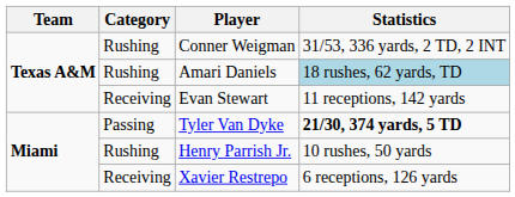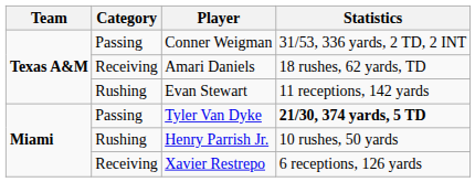 <table class="wikitable" style="float: right;">
 <tr>
 <th>Team</th>
 <th>Category</th>
 <th>Player</th>
 <th>Statistics</th>
 </tr>
 <tr>
 <td rowspan=3><strong>Texas A&M</strong></td>
-<td>Rushing</td>
+<td>Passing</td>
 <td>Conner Weigman</td>
 <td>31/53, 336 yards, 2 TD, 2 INT</td>
 </tr>
 <tr>
-<td>Rushing</td>
+<td>Receiving</td>
 <td>Amari Daniels</td>
-<td style="background: lightblue;">18 rushes, 62 yards, TD</td>
+<td>18 rushes, 62 yards, TD</td>
 </tr>
 <tr>
-<td>Receiving</td>
+<td>Rushing</td>
 <td>Evan Stewart</td>
 <td>11 receptions, 142 yards</td>
 </tr>
 <tr>
 <td rowspan=3><strong>Miami</strong></td>
 <td>Passing</td>
 <td><a href='#'>Tyler Van Dyke</a></td>
 <td><strong>21/30, 374 yards, 5 TD</strong></td>
 </tr>
 <tr>
 <td>Rushing</td>
 <td><a href='#'>Henry Parrish Jr.</a></td>
 <td>10 rushes, 50 yards</td>
 </tr>
 <tr>
 <td>Receiving</td>
 <td><a href='#'>Xavier Restrepo</a></td>
 <td>6 receptions, 126 yards</td>
 </tr>
 </table>
